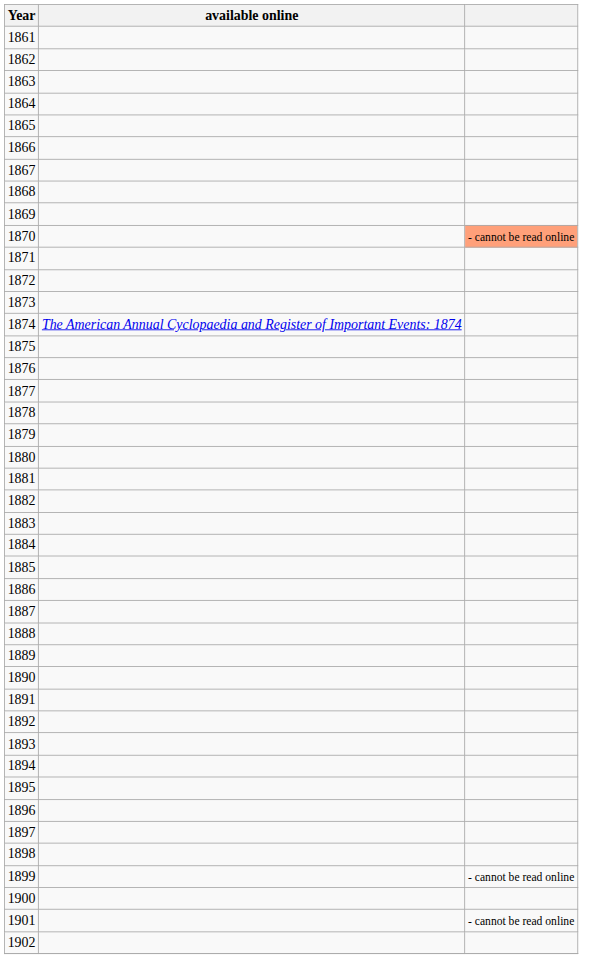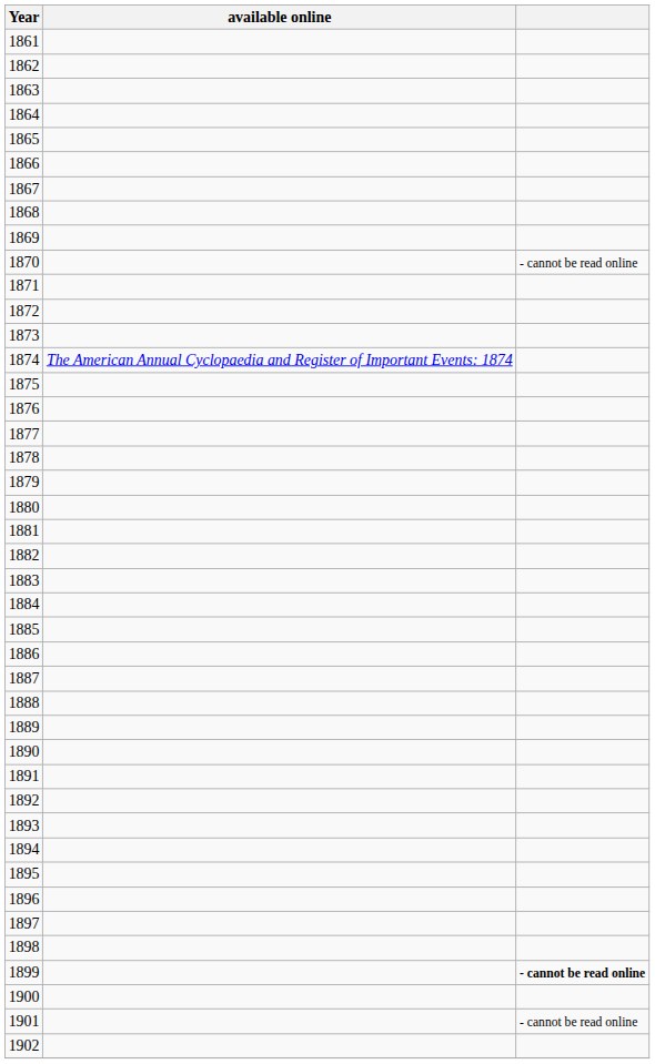 <table class="wikitable">
 <tr>
 <th>Year</th>
 <th>available online</th>
 <th></th>
 </tr>
 <tr>
 <td>1861</td>
 <td></td>
 <td></td>
 </tr>
 <tr>
 <td>1862</td>
 <td></td>
 <td></td>
 </tr>
 <tr>
 <td>1863</td>
 <td></td>
 <td></td>
 </tr>
 <tr>
 <td>1864</td>
 <td></td>
 <td></td>
 </tr>
 <tr>
 <td>1865</td>
 <td></td>
 <td></td>
 </tr>
 <tr>
 <td>1866</td>
 <td></td>
 <td></td>
 </tr>
 <tr>
 <td>1867</td>
 <td></td>
 <td></td>
 </tr>
 <tr>
 <td>1868</td>
 <td></td>
 <td></td>
 </tr>
 <tr>
 <td>1869</td>
 <td></td>
 <td></td>
 </tr>
 <tr>
 <td>1870</td>
 <td></td>
-<td style="background: lightsalmon;"><small> - cannot be read online</small></td>
+<td><small> - cannot be read online</small></td>
 </tr>
 <tr>
 <td>1871</td>
 <td></td>
 <td></td>
 </tr>
 <tr>
 <td>1872</td>
 <td></td>
 <td></td>
 </tr>
 <tr>
 <td>1873</td>
 <td></td>
 <td></td>
 </tr>
 <tr>
 <td>1874</td>
 <td><em><a href='#'>The American Annual Cyclopaedia and Register of Important Events: 1874</a></em></td>
 <td></td>
 </tr>
 <tr>
 <td>1875</td>
 <td></td>
 <td></td>
 </tr>
 <tr>
 <td>1876</td>
 <td></td>
 <td></td>
 </tr>
 <tr>
 <td>1877</td>
 <td></td>
 <td></td>
 </tr>
 <tr>
 <td>1878</td>
 <td></td>
 <td></td>
 </tr>
 <tr>
 <td>1879</td>
 <td></td>
 <td></td>
 </tr>
 <tr>
 <td>1880</td>
 <td></td>
 <td></td>
 </tr>
 <tr>
 <td>1881</td>
 <td></td>
 <td></td>
 </tr>
 <tr>
 <td>1882</td>
 <td></td>
 <td></td>
 </tr>
 <tr>
 <td>1883</td>
 <td></td>
 <td></td>
 </tr>
 <tr>
 <td>1884</td>
 <td></td>
 <td></td>
 </tr>
 <tr>
 <td>1885</td>
 <td></td>
 <td></td>
 </tr>
 <tr>
 <td>1886</td>
 <td></td>
 <td></td>
 </tr>
 <tr>
 <td>1887</td>
 <td></td>
 <td></td>
 </tr>
 <tr>
 <td>1888</td>
 <td></td>
 <td></td>
 </tr>
 <tr>
 <td>1889</td>
 <td></td>
 <td></td>
 </tr>
 <tr>
 <td>1890</td>
 <td></td>
 <td></td>
 </tr>
 <tr>
 <td>1891</td>
 <td></td>
 <td></td>
 </tr>
 <tr>
 <td>1892</td>
 <td></td>
 <td></td>
 </tr>
 <tr>
 <td>1893</td>
 <td></td>
 <td></td>
 </tr>
 <tr>
 <td>1894</td>
 <td></td>
 <td></td>
 </tr>
 <tr>
 <td>1895</td>
 <td></td>
 <td></td>
 </tr>
 <tr>
 <td>1896</td>
 <td></td>
 <td></td>
 </tr>
 <tr>
 <td>1897</td>
 <td></td>
 <td></td>
 </tr>
 <tr>
 <td>1898</td>
 <td></td>
 <td></td>
 </tr>
 <tr>
 <td>1899</td>
 <td></td>
-<td><small> - cannot be read online</small></td>
+<td><strong><small> - cannot be read online</small></strong></td>
 </tr>
 <tr>
 <td>1900</td>
 <td></td>
 <td></td>
 </tr>
 <tr>
 <td>1901</td>
 <td></td>
 <td><small> - cannot be read online</small></td>
 </tr>
 <tr>
 <td>1902</td>
 <td></td>
 <td></td>
 </tr>
 <tr>
 </tr>
 </table>
